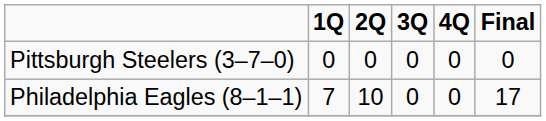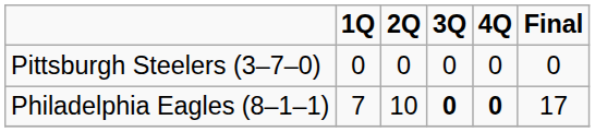 <table class="wikitable" 80%>
 <tr align=center>
 <td></td>
 <td><strong>1Q</strong></td>
 <td><strong>2Q</strong></td>
 <td><strong>3Q</strong></td>
 <td><strong>4Q</strong></td>
 <td><strong>Final</strong></td>
 </tr>
 <tr align=center>
 <td – align=left>Pittsburgh Steelers (3–7–0)</td>
 <td>0</td>
 <td>0</td>
 <td>0</td>
 <td>0</td>
 <td>0</td>
 </tr>
 <tr align=center>
 <td – align=left>Philadelphia Eagles (8–1–1)</td>
 <td>7</td>
 <td>10</td>
-<td>0</td>
-<td>0</td>
+<td><strong>0</strong></td>
+<td><strong>0</strong></td>
 <td>17</td>
 </tr>
 <tr align=center>
 </tr>
 </table>
